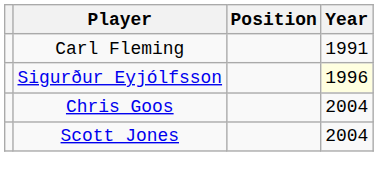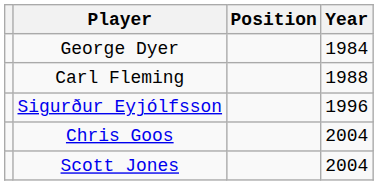 <table class="wikitable sortable" border="1">
 <tr align="center">
 <th></th>
 <th>Player</th>
 <th>Position</th>
 <th>Year</th>
 </tr>
 <tr style="text-align:center;">
 <td></td>
+<td>George Dyer</td>
+<td></td>
+<td>1984</td>
+</tr>
+<tr style="text-align:center;">
+<td></td>
 <td>Carl Fleming</td>
 <td></td>
-<td>1991</td>
+<td>1988</td>
 </tr>
 <tr style="text-align:center;">
 <td></td>
 <td><a href='#'>Sigurður Eyjólfsson</a></td>
 <td></td>
-<td style="background: lightyellow;">1996</td>
+<td>1996</td>
 </tr>
 <tr style="text-align:center;">
 <td></td>
 <td><a href='#'>Chris Goos</a></td>
 <td></td>
 <td>2004</td>
 </tr>
 <tr style="text-align:center;">
 <td></td>
 <td><a href='#'>Scott Jones</a></td>
 <td></td>
 <td>2004</td>
 </tr>
 </table>
